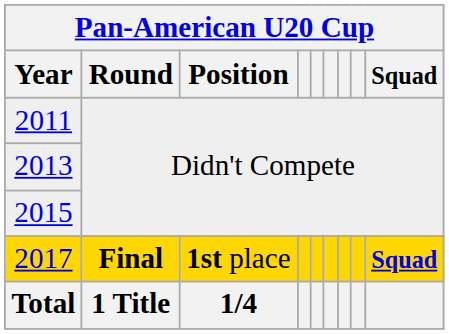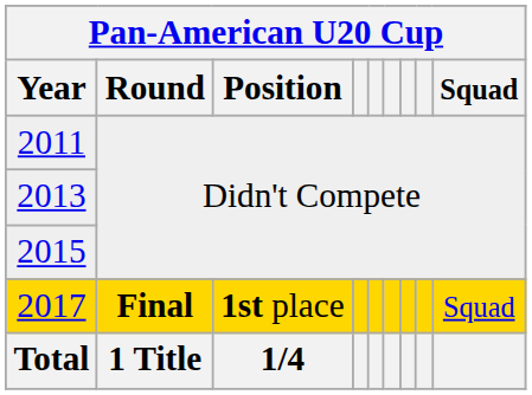 <table class="wikitable" style="text-align: center;">
 <tr>
 <th colspan=9><a href='#'>Pan-American U20 Cup</a></th>
 </tr>
 <tr>
 <th>Year</th>
 <th>Round</th>
 <th>Position</th>
 <th></th>
 <th></th>
 <th></th>
 <th></th>
 <th></th>
 <th><small>Squad</small></th>
 </tr>
 <tr bgcolor="efefef">
 <td> <a href='#'>2011</a></td>
 <td colspan=9 rowspan=3 align="center">Didn't Compete</td>
 </tr>
 <tr bgcolor="efefef">
 <td> <a href='#'>2013</a></td>
 </tr>
 <tr bgcolor="efefef">
 <td> <a href='#'>2015</a></td>
 </tr>
 <tr bgcolor=gold>
 <td> <a href='#'>2017</a></td>
 <td><strong>Final</strong></td>
 <td><strong>1st</strong> place</td>
 <td></td>
 <td></td>
 <td></td>
 <td></td>
 <td></td>
-<td><strong><small><a href='#'>Squad</a></small></strong></td>
+<td><small><a href='#'>Squad</a></small></td>
 </tr>
 <tr>
 <th>Total</th>
 <th>1 Title</th>
 <th>1/4</th>
 <th></th>
 <th></th>
 <th></th>
 <th></th>
 <th></th>
 <th></th>
 </tr>
 </table>
